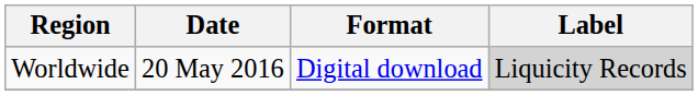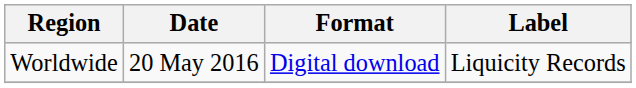 <table class=wikitable>
 <tr>
 <th>Region</th>
 <th>Date</th>
 <th>Format</th>
 <th>Label</th>
 </tr>
 <tr>
 <td>Worldwide</td>
 <td>20 May 2016</td>
 <td><a href='#'>Digital download</a></td>
-<td style="background: lightgrey;">Liquicity Records</td>
+<td>Liquicity Records</td>
 </tr>
 <tr>
 </tr>
 </table>
